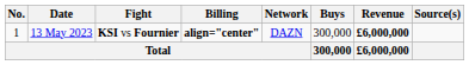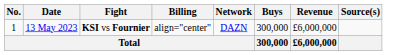 <table class="wikitable sortable">
 <tr>
 <th>No.</th>
 <th>Date</th>
 <th>Fight</th>
 <th>Billing</th>
 <th>Network</th>
 <th>Buys</th>
 <th>Revenue</th>
 <th>Source(s)</th>
 </tr>
 <tr>
 <td align="center">1</td>
 <td align="center"><a href='#'>13 May 2023</a></td>
 <td align="center"><strong>KSI</strong> vs <strong>Fournier</strong></td>
-<td><strong>align="center" </strong></td>
+<td>align="center" </td>
 <td align="center"><a href='#'>DAZN</a></td>
 <td align="center">300,000</td>
-<td align="center"><strong>£6,000,000</strong></td>
+<td align="center">£6,000,000</td>
 <td align="center"></td>
 </tr>
 <tr>
 <th colspan="5">Total</th>
 <th>300,000</th>
 <th>£6,000,000</th>
 <th></th>
 </tr>
 </table>
